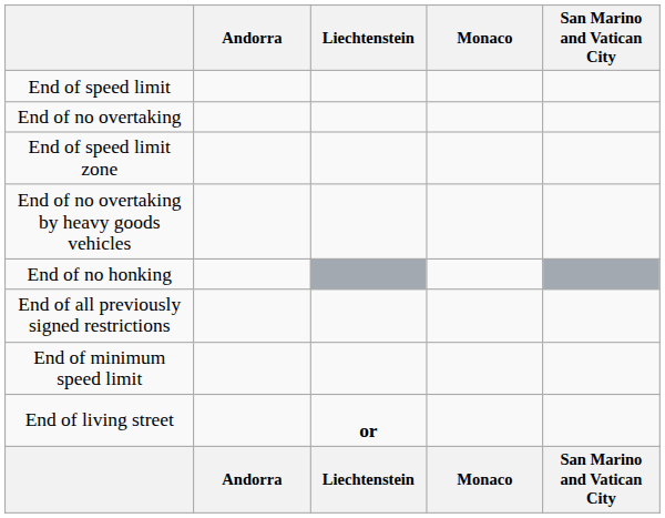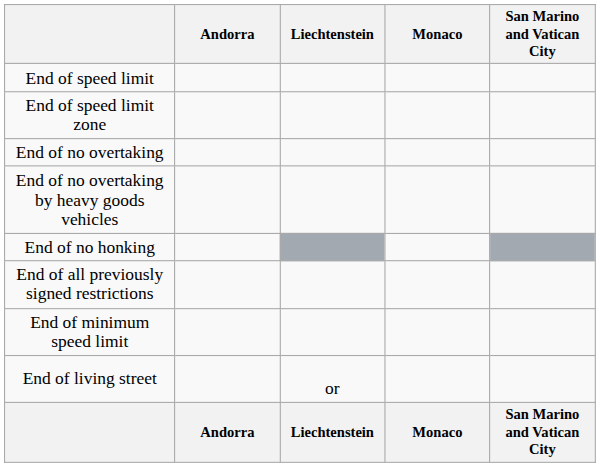 <table class="wikitable" style="text-align:center;">
 <tr style="font-size:smaller;">
 <th width="150"></th>
 <th style="width: 90px;">Andorra</th>
 <th style="width: 90px;">Liechtenstein</th>
 <th style="width: 90px;">Monaco</th>
 <th style="width: 90px;">San Marino and Vatican City</th>
 </tr>
 <tr>
 <td>End of speed limit</td>
 <td></td>
 <td></td>
 <td></td>
 <td></td>
 </tr>
 <tr>
-<td>End of no overtaking</td>
+<td>End of speed limit zone</td>
 <td></td>
 <td></td>
 <td></td>
 <td></td>
 </tr>
 <tr>
-<td>End of speed limit zone</td>
+<td>End of no overtaking</td>
 <td></td>
 <td></td>
 <td></td>
 <td></td>
 </tr>
 <tr>
 <td>End of no overtaking by heavy goods vehicles</td>
 <td></td>
 <td></td>
 <td></td>
 <td></td>
 </tr>
 <tr>
 <td>End of no honking</td>
 <td></td>
 <td style="background: #a2a9b1;"></td>
 <td></td>
 <td style="background: #a2a9b1;"></td>
 </tr>
 <tr>
 <td>End of all previously signed restrictions</td>
 <td></td>
 <td></td>
 <td></td>
 <td></td>
 </tr>
 <tr>
 <td>End of minimum speed limit</td>
 <td></td>
 <td></td>
 <td></td>
 <td></td>
 </tr>
 <tr>
 <td>End of living street</td>
 <td></td>
-<td><strong><br>or </strong></td>
+<td><br>or </td>
 <td></td>
 <td></td>
 </tr>
 <tr style="font-size:smaller;">
 <th width="150"></th>
 <th>Andorra</th>
 <th>Liechtenstein</th>
 <th>Monaco</th>
 <th>San Marino and Vatican City</th>
 </tr>
 </table>
